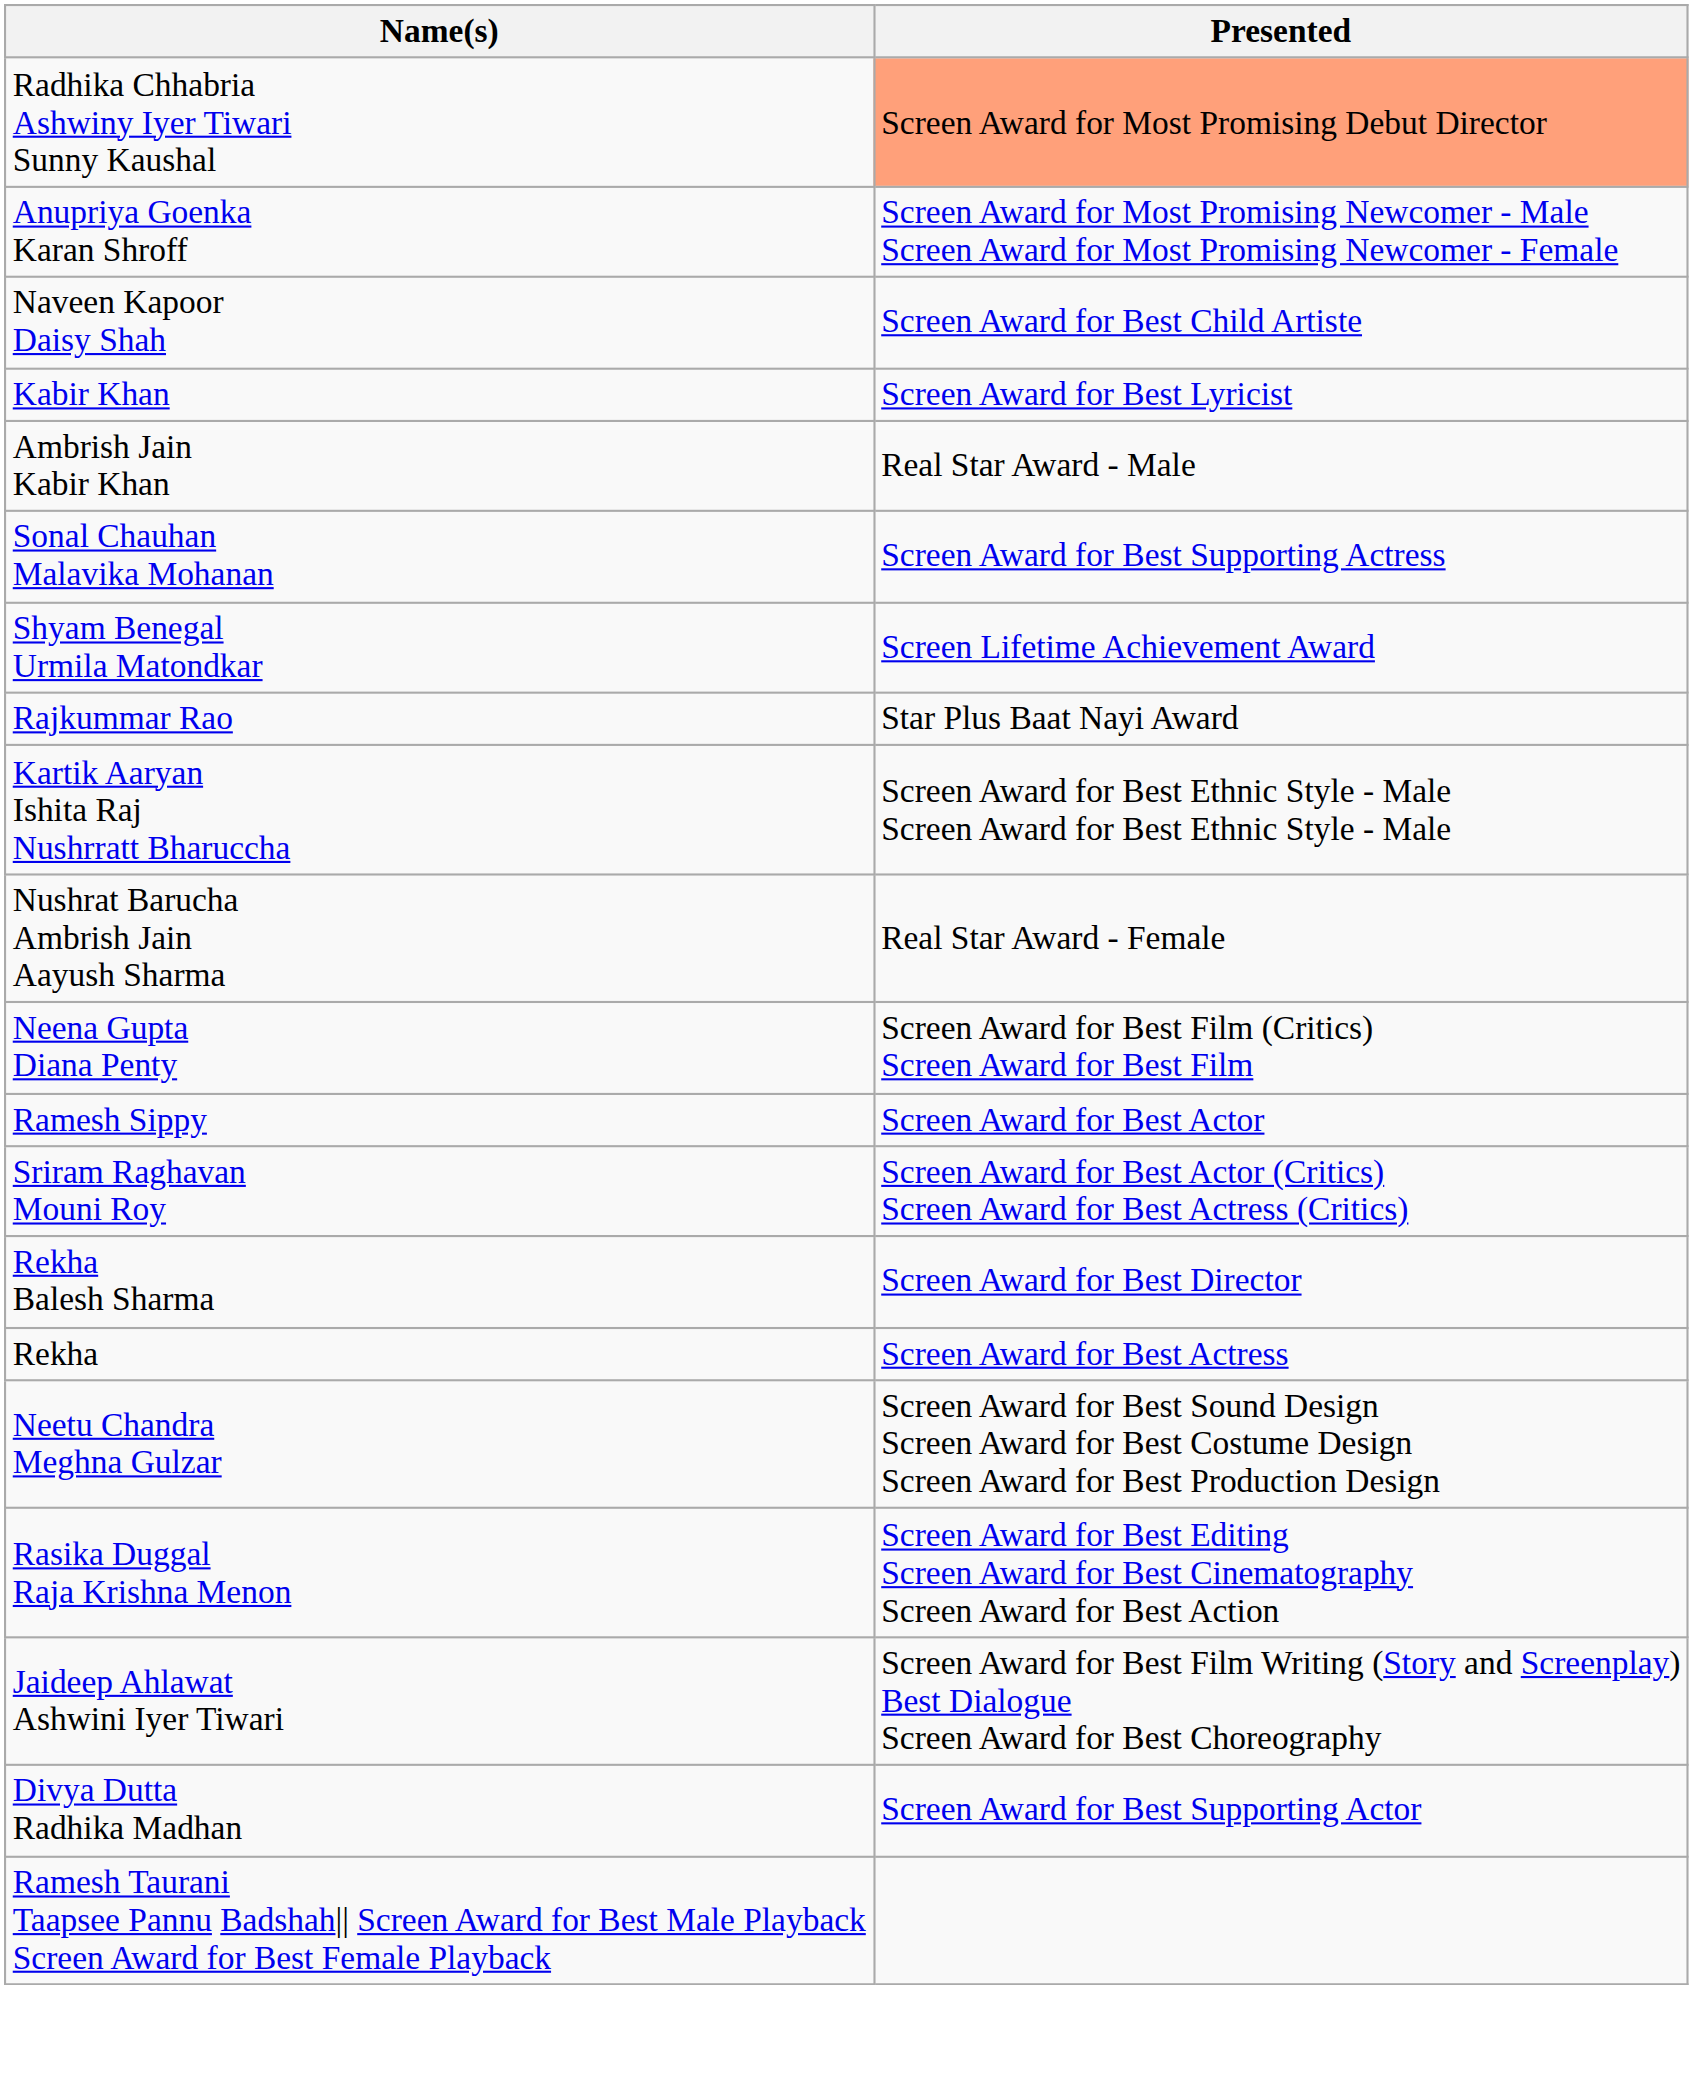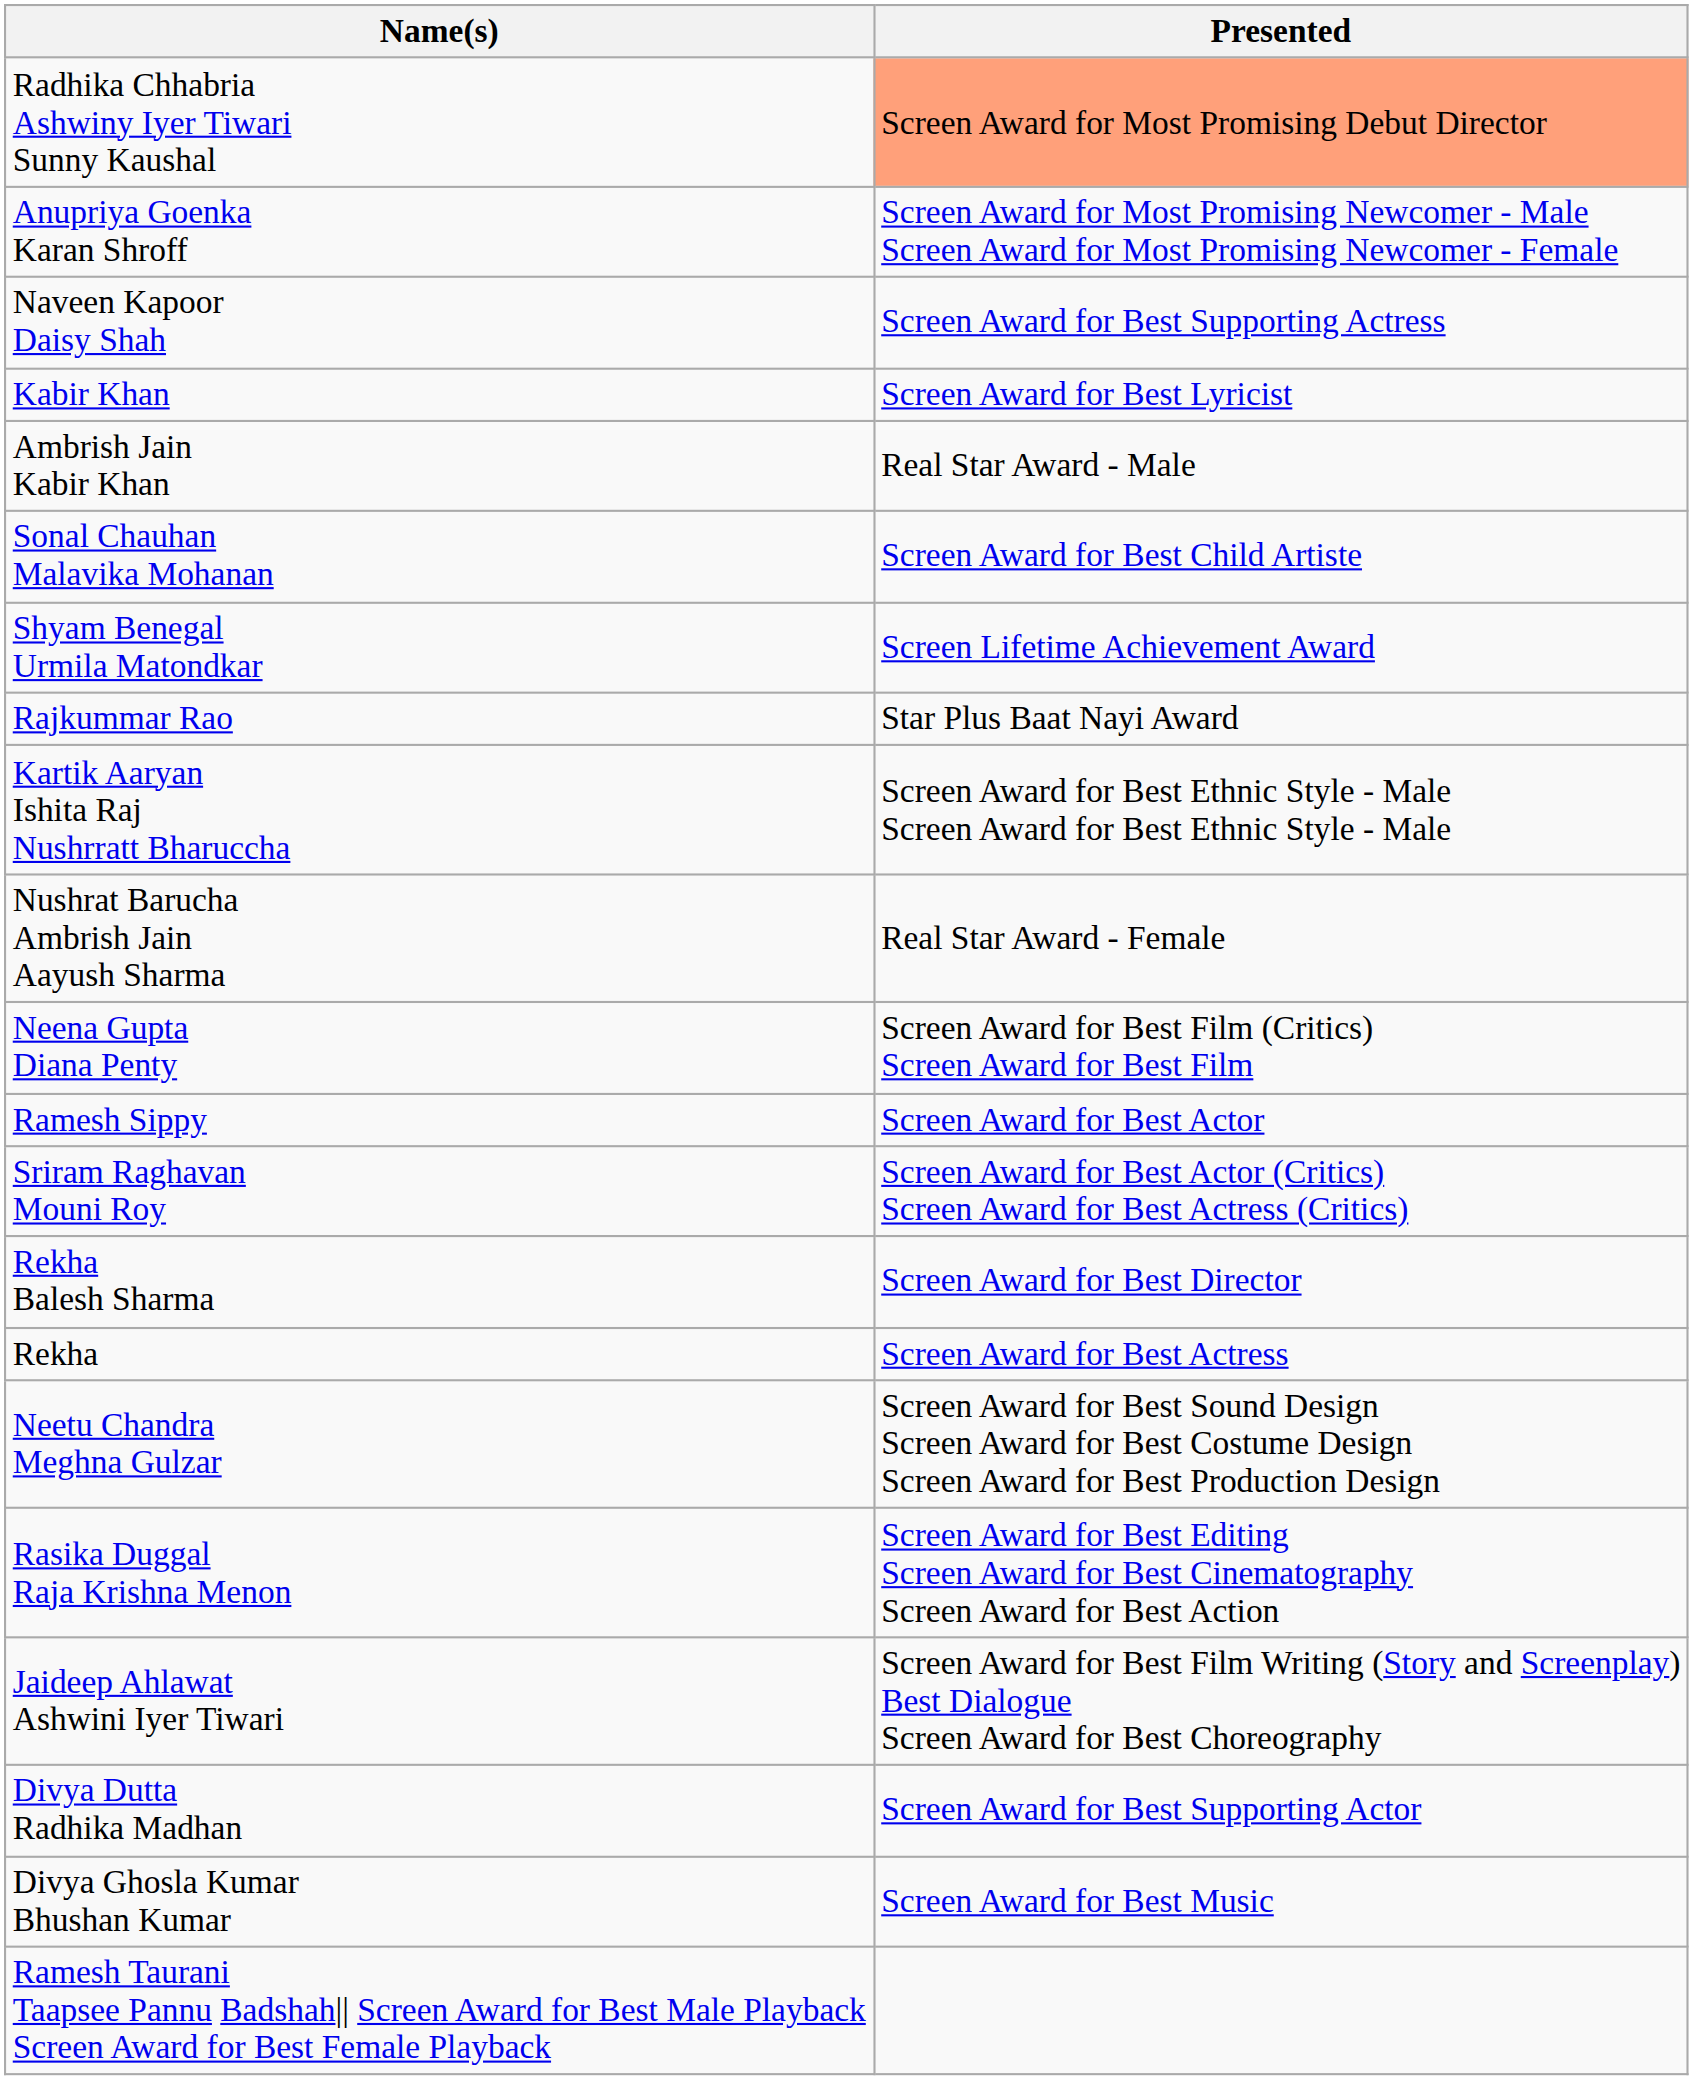 <table class="wikitable">
 <tr>
 <th>Name(s)</th>
 <th>Presented</th>
 </tr>
 <tr>
 <td>Radhika Chhabria<br><a href='#'>Ashwiny Iyer Tiwari</a><br>Sunny Kaushal</td>
 <td style="background: lightsalmon;">Screen Award for Most Promising Debut Director</td>
 </tr>
 <tr>
 <td><a href='#'>Anupriya Goenka</a><br>Karan Shroff</td>
 <td><a href='#'>Screen Award for Most Promising Newcomer - Male</a><br><a href='#'>Screen Award for Most Promising Newcomer - Female</a></td>
 </tr>
 <tr>
 <td>Naveen Kapoor<br><a href='#'>Daisy Shah</a></td>
-<td><a href='#'>Screen Award for Best Child Artiste</a></td>
+<td><a href='#'>Screen Award for Best Supporting Actress</a></td>
 </tr>
 <tr>
 <td><a href='#'>Kabir Khan</a></td>
 <td><a href='#'>Screen Award for Best Lyricist</a></td>
 </tr>
 <tr>
 <td>Ambrish Jain<br>Kabir Khan</td>
 <td>Real Star Award - Male</td>
 </tr>
 <tr>
 <td><a href='#'>Sonal Chauhan</a><br><a href='#'>Malavika Mohanan</a></td>
-<td><a href='#'>Screen Award for Best Supporting Actress</a></td>
+<td><a href='#'>Screen Award for Best Child Artiste</a></td>
 </tr>
 <tr>
 <td><a href='#'>Shyam Benegal</a><br><a href='#'>Urmila Matondkar</a></td>
 <td><a href='#'>Screen Lifetime Achievement Award</a></td>
 </tr>
 <tr>
 <td><a href='#'>Rajkummar Rao</a></td>
 <td>Star Plus Baat Nayi Award</td>
 </tr>
 <tr>
 <td><a href='#'>Kartik Aaryan</a><br>Ishita Raj<br><a href='#'>Nushrratt Bharuccha</a></td>
 <td>Screen Award for Best Ethnic Style - Male<br>Screen Award for Best Ethnic Style - Male</td>
 </tr>
 <tr>
 <td>Nushrat Barucha<br>Ambrish Jain<br>Aayush Sharma</td>
 <td>Real Star Award - Female</td>
 </tr>
 <tr>
 <td><a href='#'>Neena Gupta</a><br><a href='#'>Diana Penty</a></td>
 <td>Screen Award for Best Film (Critics)<br><a href='#'>Screen Award for Best Film</a></td>
 </tr>
 <tr>
 <td><a href='#'>Ramesh Sippy</a></td>
 <td><a href='#'>Screen Award for Best Actor</a></td>
 </tr>
 <tr>
 <td><a href='#'>Sriram Raghavan</a><br><a href='#'>Mouni Roy</a></td>
 <td><a href='#'>Screen Award for Best Actor (Critics)</a><br><a href='#'>Screen Award for Best Actress (Critics)</a></td>
 </tr>
 <tr>
 <td><a href='#'>Rekha</a><br>Balesh Sharma</td>
 <td><a href='#'>Screen Award for Best Director</a></td>
 </tr>
 <tr>
 <td>Rekha</td>
 <td><a href='#'>Screen Award for Best Actress</a></td>
 </tr>
 <tr>
 <td><a href='#'>Neetu Chandra</a><br><a href='#'>Meghna Gulzar</a></td>
 <td>Screen Award for Best Sound Design<br>Screen Award for Best Costume Design<br>Screen Award for Best Production Design</td>
 </tr>
 <tr>
 <td><a href='#'>Rasika Duggal</a><br><a href='#'>Raja Krishna Menon</a></td>
 <td><a href='#'>Screen Award for Best Editing</a><br><a href='#'>Screen Award for Best Cinematography</a><br>Screen Award for Best Action</td>
 </tr>
 <tr>
 <td><a href='#'>Jaideep Ahlawat</a><br>Ashwini Iyer Tiwari</td>
 <td>Screen Award for Best Film Writing (<a href='#'>Story</a> and <a href='#'>Screenplay</a>)<br><a href='#'>Best Dialogue</a><br>Screen Award for Best Choreography</td>
 </tr>
 <tr>
 <td><a href='#'>Divya Dutta</a><br>Radhika Madhan</td>
 <td><a href='#'>Screen Award for Best Supporting Actor</a></td>
 </tr>
 <tr>
+<td>Divya Ghosla Kumar<br>Bhushan Kumar</td>
+<td><a href='#'>Screen Award for Best Music</a></td>
+</tr>
+<tr>
 <td><a href='#'>Ramesh Taurani</a><br><a href='#'>Taapsee Pannu</a> <a href='#'>Badshah</a>|| <a href='#'>Screen Award for Best Male Playback</a><br><a href='#'>Screen Award for Best Female Playback</a></td>
 </tr>
 </table>
